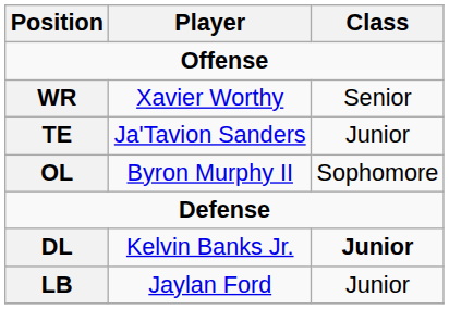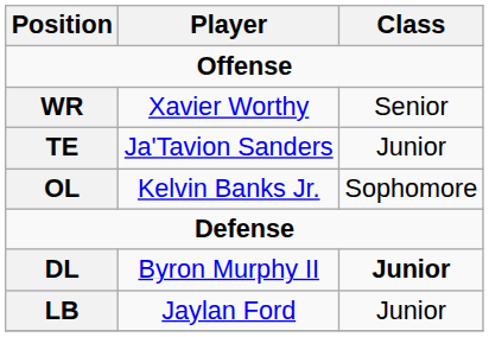 <table class="wikitable">
 <tr>
 <th>Position</th>
 <th>Player</th>
 <th>Class</th>
 </tr>
 <tr>
 <td colspan="4" style="text-align:center; "><strong>Offense</strong></td>
 </tr>
 <tr style="text-align:center;">
 <th rowspan="1">WR</th>
 <td><a href='#'>Xavier Worthy</a></td>
 <td>Senior</td>
 </tr>
 <tr style="text-align:center;">
 <th rowspan="1">TE</th>
 <td><a href='#'>Ja'Tavion Sanders</a></td>
 <td>Junior</td>
 </tr>
 <tr style="text-align:center;">
 <th rowspan="1">OL</th>
-<td><a href='#'>Byron Murphy II</a></td>
+<td><a href='#'>Kelvin Banks Jr.</a></td>
 <td>Sophomore</td>
 </tr>
 <tr>
 <td colspan="4" style="text-align:center; "><strong>Defense</strong></td>
 </tr>
 <tr style="text-align:center;">
 <th rowspan="1">DL</th>
-<td><a href='#'>Kelvin Banks Jr.</a></td>
+<td><a href='#'>Byron Murphy II</a></td>
 <td><strong>Junior</strong></td>
 </tr>
 <tr style="text-align:center;">
 <th rowspan="1">LB</th>
 <td><a href='#'>Jaylan Ford</a></td>
 <td>Junior</td>
 </tr>
 <tr>
 </tr>
 </table>
